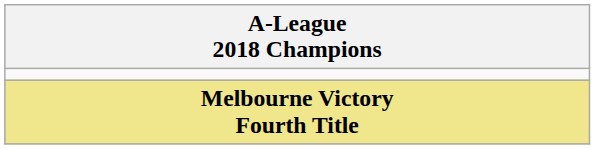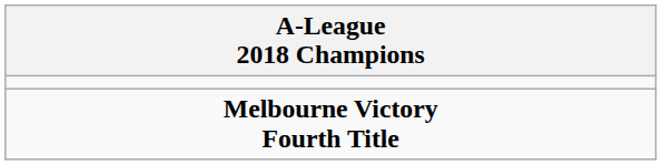 <table class="wikitable" style="text-align: center; margin: 0 auto; width: 20%">
 <tr>
 <th>A-League<br>2018 Champions</th>
 </tr>
 <tr>
 <td></td>
 </tr>
 <tr>
-<td style="background: khaki;"><strong>Melbourne Victory</strong><br><strong>Fourth Title</strong></td>
+<td><strong>Melbourne Victory</strong><br><strong>Fourth Title</strong></td>
 </tr>
 </table>
